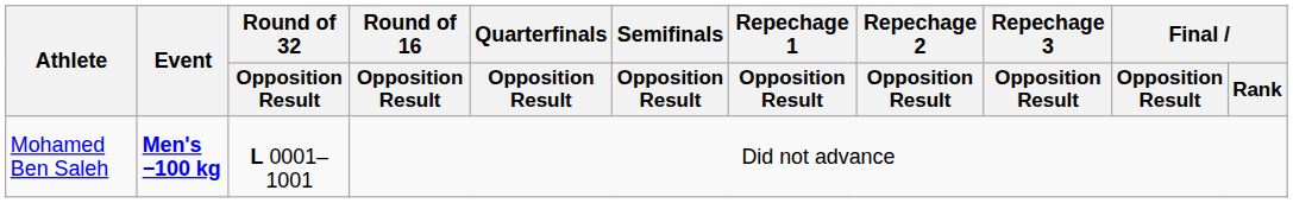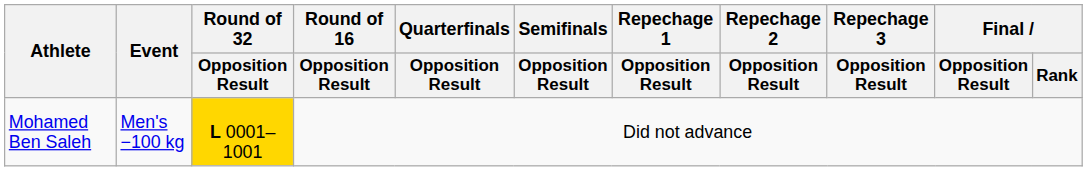 <table class="wikitable" style="font-size:90%">
 <tr>
 <th rowspan="2">Athlete</th>
 <th rowspan="2">Event</th>
 <th>Round of 32</th>
 <th>Round of 16</th>
 <th>Quarterfinals</th>
 <th>Semifinals</th>
 <th>Repechage 1</th>
 <th>Repechage 2</th>
 <th>Repechage 3</th>
 <th colspan=2>Final / </th>
 </tr>
 <tr style="font-size:95%">
 <th>Opposition<br>Result</th>
 <th>Opposition<br>Result</th>
 <th>Opposition<br>Result</th>
 <th>Opposition<br>Result</th>
 <th>Opposition<br>Result</th>
 <th>Opposition<br>Result</th>
 <th>Opposition<br>Result</th>
 <th>Opposition<br>Result</th>
 <th>Rank</th>
 </tr>
 <tr align=center>
 <td align=left><a href='#'>Mohamed Ben Saleh</a></td>
-<td align=left><strong><a href='#'>Men's −100 kg</a></strong></td>
-<td><br><strong>L</strong> 0001–1001</td>
+<td align=left><a href='#'>Men's −100 kg</a></td>
+<td style="background: gold;"><br><strong>L</strong> 0001–1001</td>
 <td colspan=8>Did not advance</td>
 </tr>
 </table>
